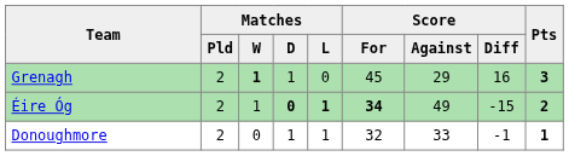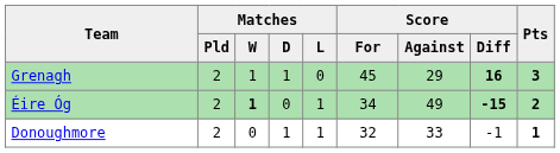 <table style=border-collapse:collapse border=1 cellspacing=0 cellpadding=5>
 <tr align=center bgcolor=#efefef>
 <th rowspan=2 width=165>Team</th>
 <th colspan=4>Matches</th>
 <th colspan=3>Score</th>
 <th rowspan=2width=20>Pts</th>
 </tr>
 <tr align=center bgcolor=#efefef>
 <th width=20>Pld</th>
 <th width=20>W</th>
 <th width=20>D</th>
 <th width=20>L</th>
 <th width=45>For</th>
 <th width=45>Against</th>
 <th width=30>Diff</th>
 </tr>
 <tr align=center style="background:#ACE1AF;">
 <td style="text-align:left;"><a href='#'>Grenagh</a></td>
 <td>2</td>
-<td><strong>1</strong></td>
+<td>1</td>
 <td>1</td>
 <td>0</td>
 <td>45</td>
 <td>29</td>
-<td>16</td>
+<td><strong>16</strong></td>
 <td><strong>3</strong></td>
 </tr>
 <tr align=center style="background:#ACE1AF;">
 <td style="text-align:left;"><a href='#'>Éire Óg</a></td>
 <td>2</td>
+<td><strong>1</strong></td>
+<td>0</td>
 <td>1</td>
-<td><strong>0</strong></td>
-<td><strong>1</strong></td>
-<td><strong>34</strong></td>
+<td>34</td>
 <td>49</td>
-<td>-15</td>
+<td><strong>-15</strong></td>
 <td><strong>2</strong></td>
 </tr>
 <tr align=center>
 <td style="text-align:left;"><a href='#'>Donoughmore</a></td>
 <td>2</td>
 <td>0</td>
 <td>1</td>
 <td>1</td>
 <td>32</td>
 <td>33</td>
 <td>-1</td>
 <td><strong>1</strong></td>
 </tr>
 </table>
